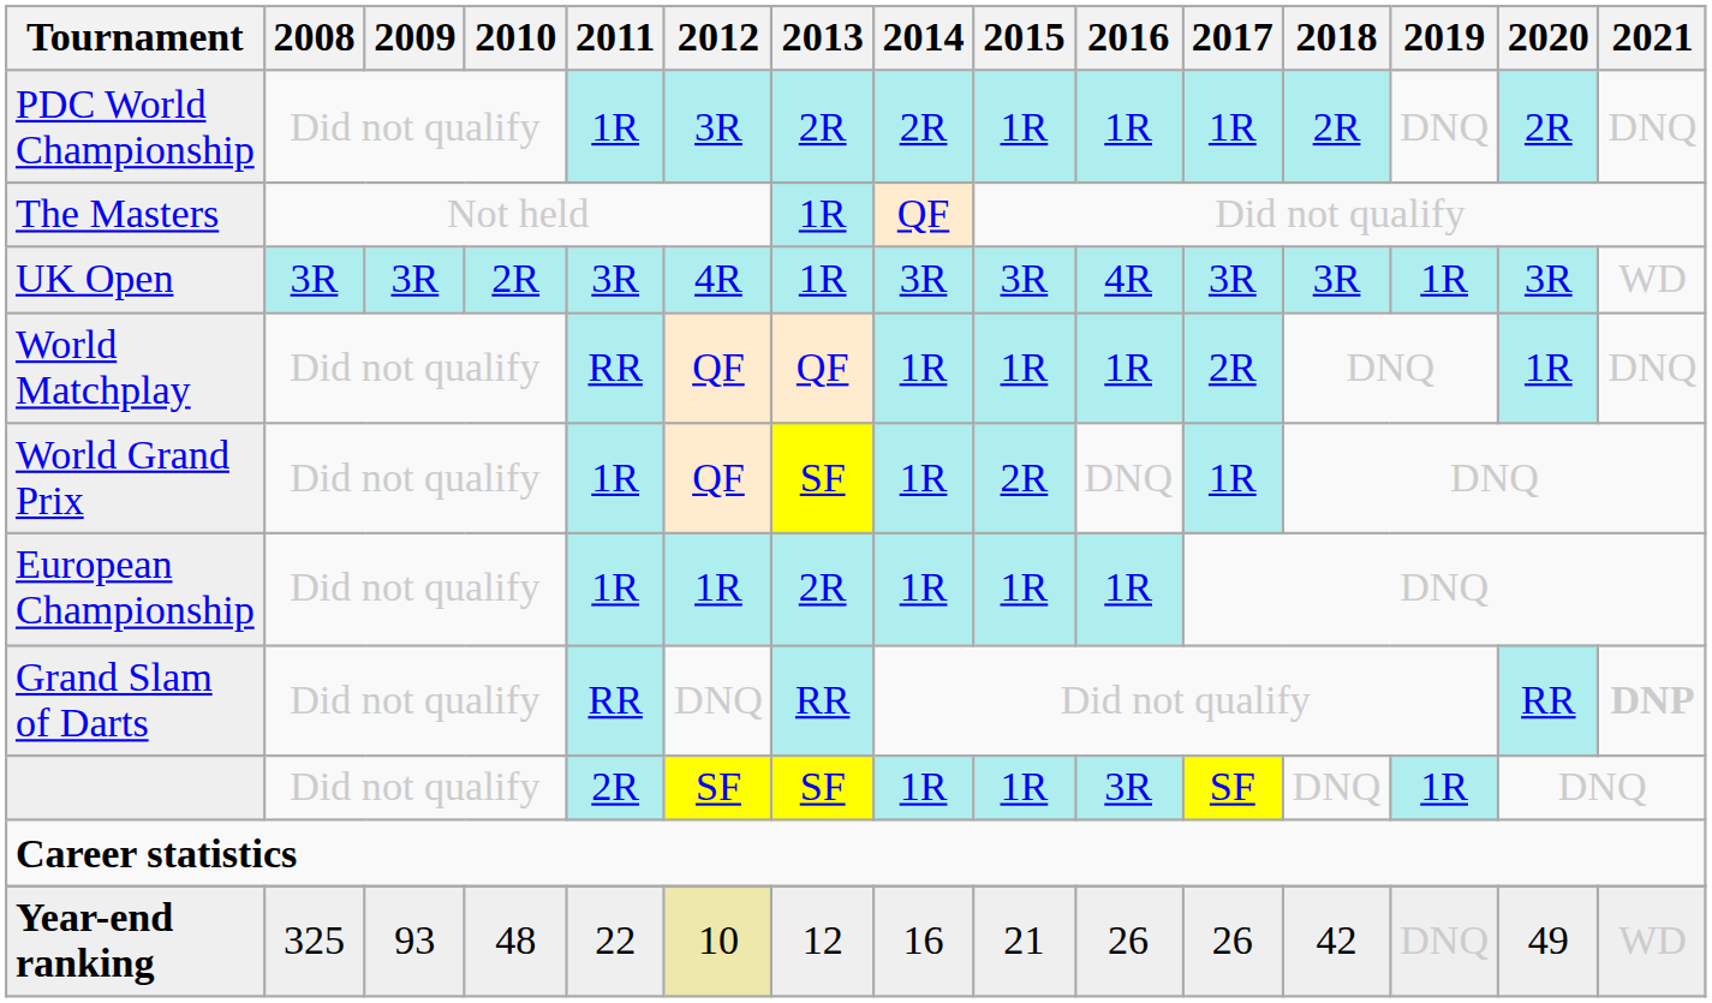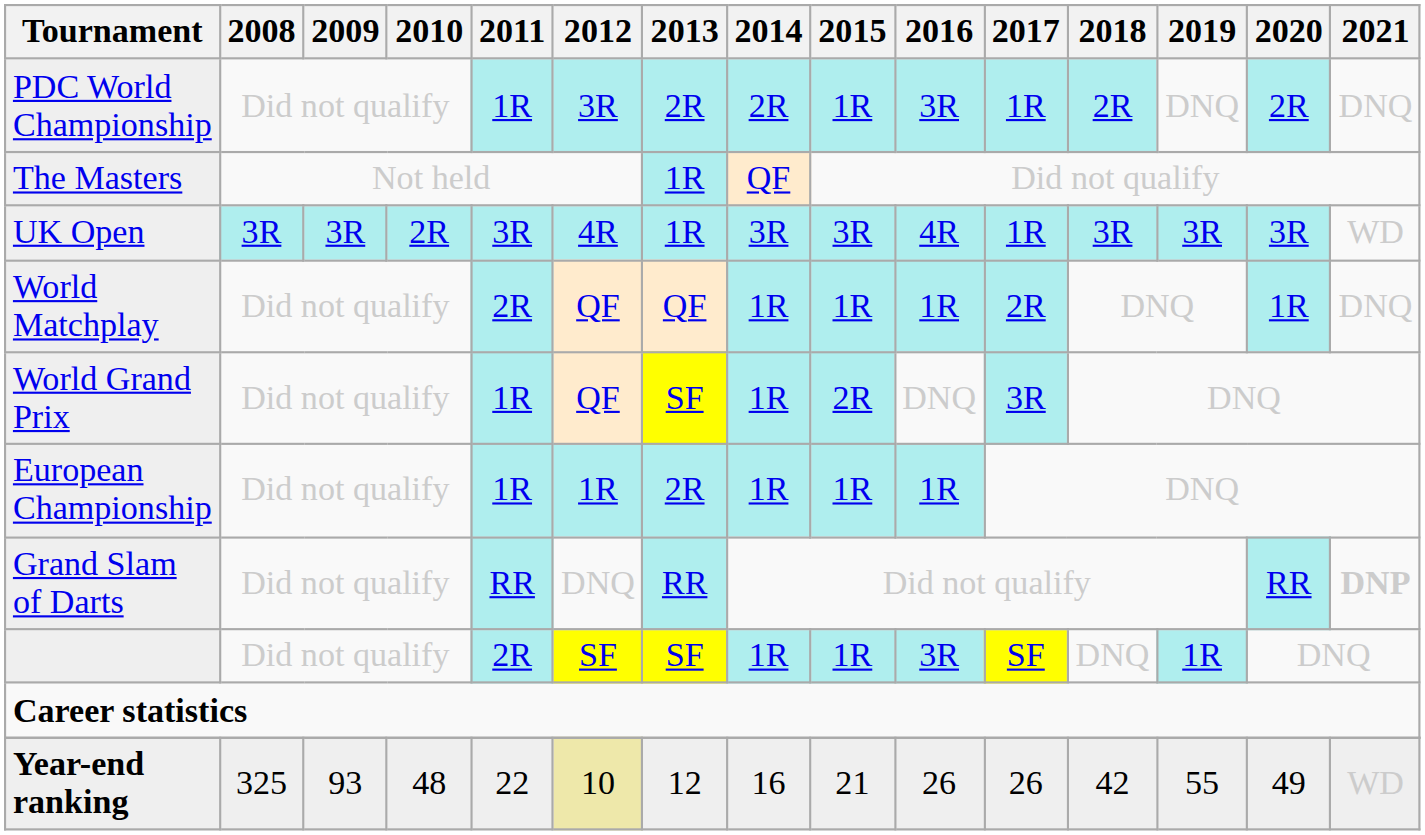 <table class="wikitable" style="width:50%; margin:0">
 <tr>
 <th>Tournament</th>
 <th>2008</th>
 <th>2009</th>
 <th>2010</th>
 <th>2011</th>
 <th>2012</th>
 <th>2013</th>
 <th>2014</th>
 <th>2015</th>
 <th>2016</th>
 <th>2017</th>
 <th>2018</th>
 <th>2019</th>
 <th>2020</th>
 <th>2021</th>
 </tr>
 <tr>
 <td style="background:#efefef;"><a href='#'>PDC World Championship</a></td>
 <td colspan="3" style="text-align:center; color:#ccc;">Did not qualify</td>
 <td style="text-align:center; background:#afeeee;"><a href='#'>1R</a></td>
 <td style="text-align:center; background:#afeeee;"><a href='#'>3R</a></td>
 <td style="text-align:center; background:#afeeee;"><a href='#'>2R</a></td>
 <td style="text-align:center; background:#afeeee;"><a href='#'>2R</a></td>
 <td style="text-align:center; background:#afeeee;"><a href='#'>1R</a></td>
-<td style="text-align:center; background:#afeeee;"><a href='#'>1R</a></td>
+<td style="text-align:center; background:#afeeee;"><a href='#'>3R</a></td>
 <td style="text-align:center; background:#afeeee;"><a href='#'>1R</a></td>
 <td style="text-align:center; background:#afeeee;"><a href='#'>2R</a></td>
 <td style="text-align:center; color:#ccc;">DNQ</td>
 <td style="text-align:center; background:#afeeee;"><a href='#'>2R</a></td>
 <td style="text-align:center; color:#ccc;">DNQ</td>
 </tr>
 <tr>
 <td style="background:#efefef;"><a href='#'>The Masters</a></td>
 <td colspan="5" style="text-align:center; color:#ccc;">Not held</td>
 <td style="text-align:center; background:#afeeee;"><a href='#'>1R</a></td>
 <td style="text-align:center; background:#ffebcd;"><a href='#'>QF</a></td>
 <td colspan="7" style="text-align:center; color:#ccc;">Did not qualify</td>
 </tr>
 <tr>
 <td style="background:#efefef;"><a href='#'>UK Open</a></td>
 <td style="text-align:center; background:#afeeee;"><a href='#'>3R</a></td>
 <td style="text-align:center; background:#afeeee;"><a href='#'>3R</a></td>
 <td style="text-align:center; background:#afeeee;"><a href='#'>2R</a></td>
 <td style="text-align:center; background:#afeeee;"><a href='#'>3R</a></td>
 <td style="text-align:center; background:#afeeee;"><a href='#'>4R</a></td>
 <td style="text-align:center; background:#afeeee;"><a href='#'>1R</a></td>
 <td style="text-align:center; background:#afeeee;"><a href='#'>3R</a></td>
 <td style="text-align:center; background:#afeeee;"><a href='#'>3R</a></td>
 <td style="text-align:center; background:#afeeee;"><a href='#'>4R</a></td>
+<td style="text-align:center; background:#afeeee;"><a href='#'>1R</a></td>
 <td style="text-align:center; background:#afeeee;"><a href='#'>3R</a></td>
 <td style="text-align:center; background:#afeeee;"><a href='#'>3R</a></td>
-<td style="text-align:center; background:#afeeee;"><a href='#'>1R</a></td>
 <td style="text-align:center; background:#afeeee;"><a href='#'>3R</a></td>
 <td style="text-align:center; color:#ccc;">WD</td>
 </tr>
 <tr>
 <td style="background:#efefef;"><a href='#'>World Matchplay</a></td>
 <td colspan="3"  style="text-align:center; color:#ccc;">Did not qualify</td>
-<td style="text-align:center; background:#afeeee;"><a href='#'>RR</a></td>
+<td style="text-align:center; background:#afeeee;"><a href='#'>2R</a></td>
 <td style="text-align:center; background:#ffebcd;"><a href='#'>QF</a></td>
 <td style="text-align:center; background:#ffebcd;"><a href='#'>QF</a></td>
 <td style="text-align:center; background:#afeeee;"><a href='#'>1R</a></td>
 <td style="text-align:center; background:#afeeee;"><a href='#'>1R</a></td>
 <td style="text-align:center; background:#afeeee;"><a href='#'>1R</a></td>
 <td style="text-align:center; background:#afeeee;"><a href='#'>2R</a></td>
 <td colspan="2" style="text-align:center; color:#ccc;">DNQ</td>
 <td style="text-align:center; background:#afeeee;"><a href='#'>1R</a></td>
 <td style="text-align:center; color:#ccc;">DNQ</td>
 </tr>
 <tr>
 <td style="background:#efefef;"><a href='#'>World Grand Prix</a></td>
 <td colspan="3"  style="text-align:center; color:#ccc;">Did not qualify</td>
 <td style="text-align:center; background:#afeeee;"><a href='#'>1R</a></td>
 <td style="text-align:center; background:#ffebcd;"><a href='#'>QF</a></td>
 <td style="text-align:center; background:yellow;"><a href='#'>SF</a></td>
 <td style="text-align:center; background:#afeeee;"><a href='#'>1R</a></td>
 <td style="text-align:center; background:#afeeee;"><a href='#'>2R</a></td>
 <td style="text-align:center; color:#ccc;">DNQ</td>
-<td style="text-align:center; background:#afeeee;"><a href='#'>1R</a></td>
+<td style="text-align:center; background:#afeeee;"><a href='#'>3R</a></td>
 <td colspan="4"  style="text-align:center; color:#ccc;">DNQ</td>
 </tr>
 <tr>
 <td style="background:#efefef;"><a href='#'>European Championship</a></td>
 <td colspan="3"  style="text-align:center; color:#ccc;">Did not qualify</td>
 <td style="text-align:center; background:#afeeee;"><a href='#'>1R</a></td>
 <td style="text-align:center; background:#afeeee;"><a href='#'>1R</a></td>
 <td style="text-align:center; background:#afeeee;"><a href='#'>2R</a></td>
 <td style="text-align:center; background:#afeeee;"><a href='#'>1R</a></td>
 <td style="text-align:center; background:#afeeee;"><a href='#'>1R</a></td>
 <td style="text-align:center; background:#afeeee;"><a href='#'>1R</a></td>
 <td colspan="5" style="text-align:center; color:#ccc;">DNQ</td>
 </tr>
 <tr>
 <td style="background:#efefef;"><a href='#'>Grand Slam of Darts</a></td>
 <td colspan="3" style="text-align:center; color:#ccc;">Did not qualify</td>
 <td style="text-align:center; background:#afeeee;"><a href='#'>RR</a></td>
 <td style="text-align:center; color:#ccc;">DNQ</td>
 <td style="text-align:center; background:#afeeee;"><a href='#'>RR</a></td>
 <td colspan="6" style="text-align:center; color:#ccc;">Did not qualify</td>
 <td style="text-align:center; background:#afeeee;"><a href='#'>RR</a></td>
 <td style="text-align:center; color:#ccc;"><strong>DNP</strong></td>
 </tr>
 <tr>
 <td style="background:#efefef;"></td>
 <td colspan="3" style="text-align:center; color:#ccc;">Did not qualify</td>
 <td style="text-align:center; background:#afeeee;"><a href='#'>2R</a></td>
 <td style="text-align:center; background:yellow;"><a href='#'>SF</a></td>
 <td style="text-align:center; background:yellow;"><a href='#'>SF</a></td>
 <td style="text-align:center; background:#afeeee;"><a href='#'>1R</a></td>
 <td style="text-align:center; background:#afeeee;"><a href='#'>1R</a></td>
 <td style="text-align:center; background:#afeeee;"><a href='#'>3R</a></td>
 <td style="text-align:center; background:yellow;"><a href='#'>SF</a></td>
 <td style="text-align:center; color:#ccc;">DNQ</td>
 <td style="text-align:center; background:#afeeee;"><a href='#'>1R</a></td>
 <td colspan="2" style="text-align:center; color:#ccc;">DNQ</td>
 </tr>
 <tr>
 <td colspan="21" align="left"><strong>Career statistics</strong></td>
 </tr>
 <tr>
 </tr>
 <tr bgcolor="efefef">
 <td align="left"><strong>Year-end ranking</strong></td>
 <td style="text-align:center;">325</td>
 <td style="text-align:center;">93</td>
 <td style="text-align:center;">48</td>
 <td style="text-align:center;">22</td>
 <td style="text-align:center; background:#eee8aa;">10</td>
 <td style="text-align:center;">12</td>
 <td style="text-align:center;">16</td>
 <td style="text-align:center;">21</td>
 <td style="text-align:center;">26</td>
 <td style="text-align:center;">26</td>
 <td style="text-align:center;">42</td>
-<td style="text-align:center; color:#ccc;">DNQ</td>
+<td style="text-align:center;">55</td>
 <td style="text-align:center;">49</td>
 <td style="text-align:center; color:#ccc;">WD</td>
 </tr>
 </table>
